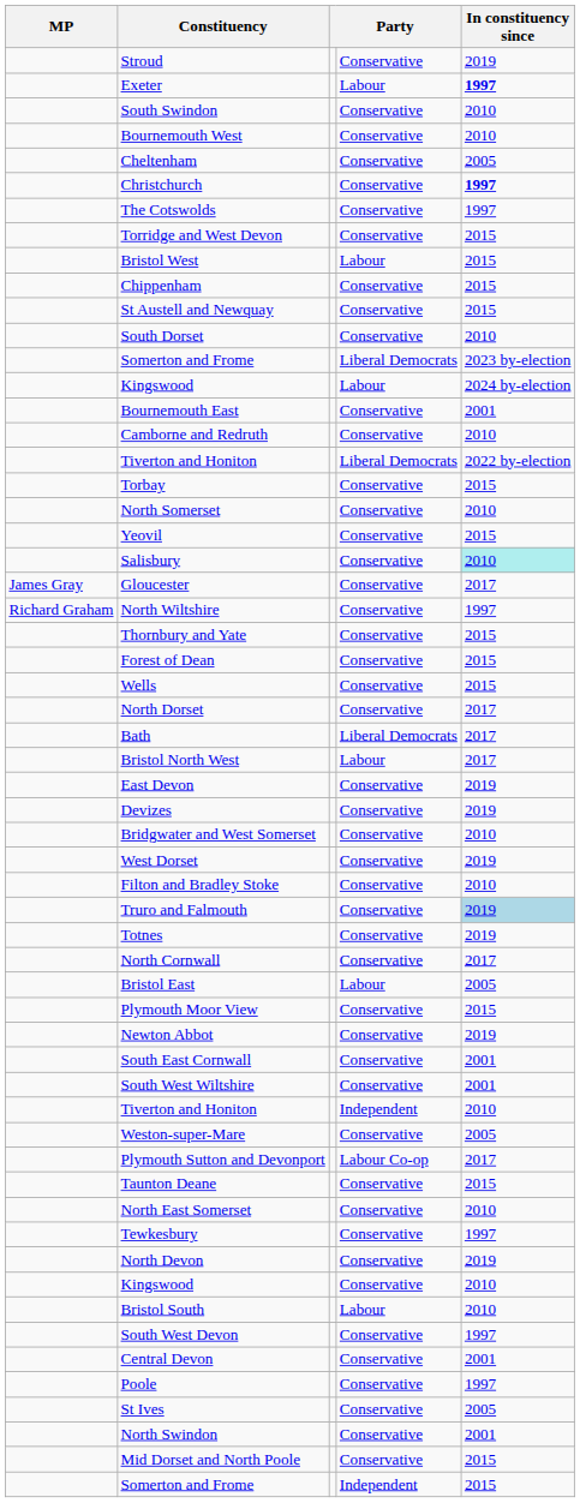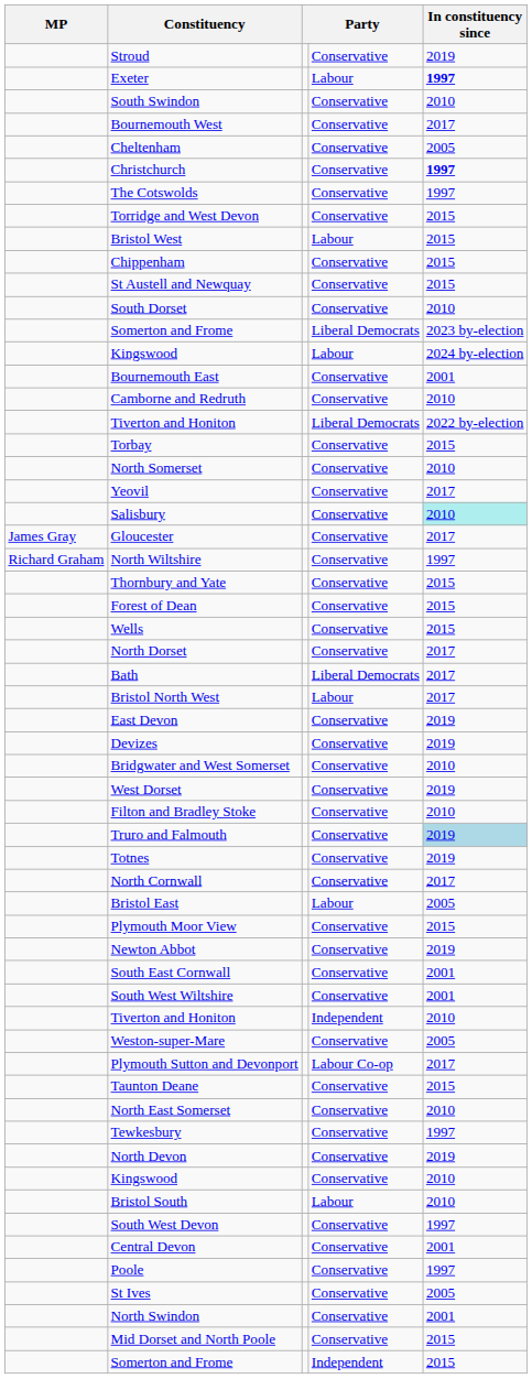 <table class="wikitable sortable">
 <tr>
 <th>MP</th>
 <th>Constituency</th>
 <th colspan="2">Party</th>
 <th>In constituency<br>since</th>
 </tr>
 <tr>
 <td></td>
 <td><a href='#'>Stroud</a></td>
 <td style="color:inherit;background-color: "></td>
 <td><a href='#'>Conservative</a></td>
 <td><a href='#'>2019</a></td>
 </tr>
 <tr>
 <td></td>
 <td><a href='#'>Exeter</a></td>
 <td style="color:inherit;background-color: "></td>
 <td><a href='#'>Labour</a></td>
 <td><strong><a href='#'>1997</a></strong></td>
 </tr>
 <tr>
 <td></td>
 <td><a href='#'>South Swindon</a></td>
 <td style="color:inherit;background-color: "></td>
 <td><a href='#'>Conservative</a></td>
 <td><a href='#'>2010</a></td>
 </tr>
 <tr>
 <td></td>
 <td><a href='#'>Bournemouth West</a></td>
 <td style="color:inherit;background-color: "></td>
 <td><a href='#'>Conservative</a></td>
-<td><a href='#'>2010</a></td>
+<td><a href='#'>2017</a></td>
 </tr>
 <tr>
 <td></td>
 <td><a href='#'>Cheltenham</a></td>
 <td style="color:inherit;background-color: "></td>
 <td><a href='#'>Conservative</a></td>
 <td><a href='#'>2005</a></td>
 </tr>
 <tr>
 <td></td>
 <td><a href='#'>Christchurch</a></td>
 <td style="color:inherit;background-color: "></td>
 <td><a href='#'>Conservative</a></td>
 <td><strong><a href='#'>1997</a></strong></td>
 </tr>
 <tr>
 <td></td>
 <td><a href='#'>The Cotswolds</a></td>
 <td style="color:inherit;background-color: "></td>
 <td><a href='#'>Conservative</a></td>
 <td><a href='#'>1997</a></td>
 </tr>
 <tr>
 <td></td>
 <td><a href='#'>Torridge and West Devon</a></td>
 <td style="color:inherit;background-color: "></td>
 <td><a href='#'>Conservative</a></td>
 <td><a href='#'>2015</a></td>
 </tr>
 <tr>
 <td></td>
 <td><a href='#'>Bristol West</a></td>
 <td style="color:inherit;background-color: "></td>
 <td><a href='#'>Labour</a></td>
 <td><a href='#'>2015</a></td>
 </tr>
 <tr>
 <td></td>
 <td><a href='#'>Chippenham</a></td>
 <td style="color:inherit;background-color: "></td>
 <td><a href='#'>Conservative</a></td>
 <td><a href='#'>2015</a></td>
 </tr>
 <tr>
 <td></td>
 <td><a href='#'>St Austell and Newquay</a></td>
 <td style="color:inherit;background-color: "></td>
 <td><a href='#'>Conservative</a></td>
 <td><a href='#'>2015</a></td>
 </tr>
 <tr>
 <td></td>
 <td><a href='#'>South Dorset</a></td>
 <td style="color:inherit;background-color: "></td>
 <td><a href='#'>Conservative</a></td>
 <td><a href='#'>2010</a></td>
 </tr>
 <tr>
 <td></td>
 <td><a href='#'>Somerton and Frome</a></td>
 <td style="color:inherit;background-color: "></td>
 <td><a href='#'>Liberal Democrats</a></td>
 <td><a href='#'>2023 by-election</a></td>
 </tr>
 <tr>
 <td></td>
 <td><a href='#'>Kingswood</a></td>
 <td style="color:inherit;background-color: "></td>
 <td><a href='#'>Labour</a></td>
 <td><a href='#'>2024 by-election</a></td>
 </tr>
 <tr>
 <td></td>
 <td><a href='#'>Bournemouth East</a></td>
 <td style="color:inherit;background-color: "></td>
 <td><a href='#'>Conservative</a></td>
 <td><a href='#'>2001</a></td>
 </tr>
 <tr>
 <td></td>
 <td><a href='#'>Camborne and Redruth</a></td>
 <td style="color:inherit;background-color: "></td>
 <td><a href='#'>Conservative</a></td>
 <td><a href='#'>2010</a></td>
 </tr>
 <tr>
 <td></td>
 <td><a href='#'>Tiverton and Honiton</a></td>
 <td style="color:inherit;background-color: "></td>
 <td><a href='#'>Liberal Democrats</a></td>
 <td><a href='#'>2022 by-election</a></td>
 </tr>
 <tr>
 <td></td>
 <td><a href='#'>Torbay</a></td>
 <td style="color:inherit;background-color: "></td>
 <td><a href='#'>Conservative</a></td>
 <td><a href='#'>2015</a></td>
 </tr>
 <tr>
 <td></td>
 <td><a href='#'>North Somerset</a></td>
 <td style="color:inherit;background-color: "></td>
 <td><a href='#'>Conservative</a></td>
 <td><a href='#'>2010</a></td>
 </tr>
 <tr>
 <td></td>
 <td><a href='#'>Yeovil</a></td>
 <td style="color:inherit;background-color: "></td>
 <td><a href='#'>Conservative</a></td>
-<td><a href='#'>2015</a></td>
+<td><a href='#'>2017</a></td>
 </tr>
 <tr>
 <td></td>
 <td><a href='#'>Salisbury</a></td>
 <td style="color:inherit;background-color: "></td>
 <td><a href='#'>Conservative</a></td>
 <td style="background: paleturquoise;"><a href='#'>2010</a></td>
 </tr>
 <tr>
 <td><a href='#'>James Gray</a></td>
 <td><a href='#'>Gloucester</a></td>
 <td style="color:inherit;background-color: "></td>
 <td><a href='#'>Conservative</a></td>
 <td><a href='#'>2017</a></td>
 </tr>
 <tr>
 <td><a href='#'>Richard Graham</a></td>
 <td><a href='#'>North Wiltshire</a></td>
 <td style="color:inherit;background-color: "></td>
 <td><a href='#'>Conservative</a></td>
 <td><a href='#'>1997</a></td>
 </tr>
 <tr>
 <td></td>
 <td><a href='#'>Thornbury and Yate</a></td>
 <td style="color:inherit;background-color: "></td>
 <td><a href='#'>Conservative</a></td>
 <td><a href='#'>2015</a></td>
 </tr>
 <tr>
 <td></td>
 <td><a href='#'>Forest of Dean</a></td>
 <td style="color:inherit;background-color: "></td>
 <td><a href='#'>Conservative</a></td>
 <td><a href='#'>2015</a></td>
 </tr>
 <tr>
 <td></td>
 <td><a href='#'>Wells</a></td>
 <td style="color:inherit;background-color: "></td>
 <td><a href='#'>Conservative</a></td>
 <td><a href='#'>2015</a></td>
 </tr>
 <tr>
 <td></td>
 <td><a href='#'>North Dorset</a></td>
 <td style="color:inherit;background-color: "></td>
 <td><a href='#'>Conservative</a></td>
 <td><a href='#'>2017</a></td>
 </tr>
 <tr>
 <td></td>
 <td><a href='#'>Bath</a></td>
 <td style="color:inherit;background-color: "></td>
 <td><a href='#'>Liberal Democrats</a></td>
 <td><a href='#'>2017</a></td>
 </tr>
 <tr>
 <td></td>
 <td><a href='#'>Bristol North West</a></td>
 <td style="color:inherit;background-color: "></td>
 <td><a href='#'>Labour</a></td>
 <td><a href='#'>2017</a></td>
 </tr>
 <tr>
 <td></td>
 <td><a href='#'>East Devon</a></td>
 <td style="color:inherit;background-color: "></td>
 <td><a href='#'>Conservative</a></td>
 <td><a href='#'>2019</a></td>
 </tr>
 <tr>
 <td></td>
 <td><a href='#'>Devizes</a></td>
 <td style="color:inherit;background-color: "></td>
 <td><a href='#'>Conservative</a></td>
 <td><a href='#'>2019</a></td>
 </tr>
 <tr>
 <td></td>
 <td><a href='#'>Bridgwater and West Somerset</a></td>
 <td style="color:inherit;background-color: "></td>
 <td><a href='#'>Conservative</a></td>
 <td><a href='#'>2010</a></td>
 </tr>
 <tr>
 <td></td>
 <td><a href='#'>West Dorset</a></td>
 <td style="color:inherit;background-color: "></td>
 <td><a href='#'>Conservative</a></td>
 <td><a href='#'>2019</a></td>
 </tr>
 <tr>
 <td></td>
 <td><a href='#'>Filton and Bradley Stoke</a></td>
 <td style="color:inherit;background-color: "></td>
 <td><a href='#'>Conservative</a></td>
 <td><a href='#'>2010</a></td>
 </tr>
 <tr>
 <td></td>
 <td><a href='#'>Truro and Falmouth</a></td>
 <td style="color:inherit;background-color: "></td>
 <td><a href='#'>Conservative</a></td>
 <td style="background: lightblue;"><a href='#'>2019</a></td>
 </tr>
 <tr>
 <td></td>
 <td><a href='#'>Totnes</a></td>
 <td style="color:inherit;background-color: "></td>
 <td><a href='#'>Conservative</a></td>
 <td><a href='#'>2019</a></td>
 </tr>
 <tr>
 <td></td>
 <td><a href='#'>North Cornwall</a></td>
 <td style="color:inherit;background-color: "></td>
 <td><a href='#'>Conservative</a></td>
 <td><a href='#'>2017</a></td>
 </tr>
 <tr>
 <td></td>
 <td><a href='#'>Bristol East</a></td>
 <td style="color:inherit;background-color: "></td>
 <td><a href='#'>Labour</a></td>
 <td><a href='#'>2005</a></td>
 </tr>
 <tr>
 <td></td>
 <td><a href='#'>Plymouth Moor View</a></td>
 <td style="color:inherit;background-color: "></td>
 <td><a href='#'>Conservative</a></td>
 <td><a href='#'>2015</a></td>
 </tr>
 <tr>
 <td></td>
 <td><a href='#'>Newton Abbot</a></td>
 <td style="color:inherit;background-color: "></td>
 <td><a href='#'>Conservative</a></td>
 <td><a href='#'>2019</a></td>
 </tr>
 <tr>
 <td></td>
 <td><a href='#'>South East Cornwall</a></td>
 <td style="color:inherit;background-color: "></td>
 <td><a href='#'>Conservative</a></td>
 <td><a href='#'>2001</a></td>
 </tr>
 <tr>
 <td></td>
 <td><a href='#'>South West Wiltshire</a></td>
 <td style="color:inherit;background-color: "></td>
 <td><a href='#'>Conservative</a></td>
 <td><a href='#'>2001</a></td>
 </tr>
 <tr>
 <td><em></em></td>
 <td><a href='#'>Tiverton and Honiton</a></td>
 <td style="color:inherit;background-color: "></td>
 <td><a href='#'>Independent</a></td>
 <td><a href='#'>2010</a></td>
 </tr>
 <tr>
 <td></td>
 <td><a href='#'>Weston-super-Mare</a></td>
 <td style="color:inherit;background-color: "></td>
 <td><a href='#'>Conservative</a></td>
 <td><a href='#'>2005</a></td>
 </tr>
 <tr>
 <td></td>
 <td><a href='#'>Plymouth Sutton and Devonport</a></td>
 <td style="color:inherit;background-color: "></td>
 <td><a href='#'>Labour Co-op</a></td>
 <td><a href='#'>2017</a></td>
 </tr>
 <tr>
 <td></td>
 <td><a href='#'>Taunton Deane</a></td>
 <td style="color:inherit;background-color: "></td>
 <td><a href='#'>Conservative</a></td>
 <td><a href='#'>2015</a></td>
 </tr>
 <tr>
 <td></td>
 <td><a href='#'>North East Somerset</a></td>
 <td style="color:inherit;background-color: "></td>
 <td><a href='#'>Conservative</a></td>
 <td><a href='#'>2010</a></td>
 </tr>
 <tr>
 <td></td>
 <td><a href='#'>Tewkesbury</a></td>
 <td style="color:inherit;background-color: "></td>
 <td><a href='#'>Conservative</a></td>
 <td><a href='#'>1997</a></td>
 </tr>
 <tr>
 <td></td>
 <td><a href='#'>North Devon</a></td>
 <td style="color:inherit;background-color: "></td>
 <td><a href='#'>Conservative</a></td>
 <td><a href='#'>2019</a></td>
 </tr>
 <tr>
 <td><em></em></td>
 <td><a href='#'>Kingswood</a></td>
 <td style="color:inherit;background-color: "></td>
 <td><a href='#'>Conservative</a></td>
 <td><a href='#'>2010</a></td>
 </tr>
 <tr>
 <td></td>
 <td><a href='#'>Bristol South</a></td>
 <td style="color:inherit;background-color: "></td>
 <td><a href='#'>Labour</a></td>
 <td><a href='#'>2010</a></td>
 </tr>
 <tr>
 <td></td>
 <td><a href='#'>South West Devon</a></td>
 <td style="color:inherit;background-color: "></td>
 <td><a href='#'>Conservative</a></td>
 <td><a href='#'>1997</a></td>
 </tr>
 <tr>
 <td></td>
 <td><a href='#'>Central Devon</a></td>
 <td style="color:inherit;background-color: "></td>
 <td><a href='#'>Conservative</a></td>
 <td><a href='#'>2001</a></td>
 </tr>
 <tr>
 <td></td>
 <td><a href='#'>Poole</a></td>
 <td style="color:inherit;background-color: "></td>
 <td><a href='#'>Conservative</a></td>
 <td><a href='#'>1997</a></td>
 </tr>
 <tr>
 <td></td>
 <td><a href='#'>St Ives</a></td>
 <td style="color:inherit;background-color: "></td>
 <td><a href='#'>Conservative</a></td>
 <td><a href='#'>2005</a></td>
 </tr>
 <tr>
 <td></td>
 <td><a href='#'>North Swindon</a></td>
 <td style="color:inherit;background-color: "></td>
 <td><a href='#'>Conservative</a></td>
 <td><a href='#'>2001</a></td>
 </tr>
 <tr>
 <td></td>
 <td><a href='#'>Mid Dorset and North Poole</a></td>
 <td style="color:inherit;background-color: "></td>
 <td><a href='#'>Conservative</a></td>
 <td><a href='#'>2015</a></td>
 </tr>
 <tr>
 <td><em></em></td>
 <td><a href='#'>Somerton and Frome</a></td>
 <td style="color:inherit;background-color: "></td>
 <td><a href='#'>Independent</a></td>
 <td><a href='#'>2015</a></td>
 </tr>
 </table>
